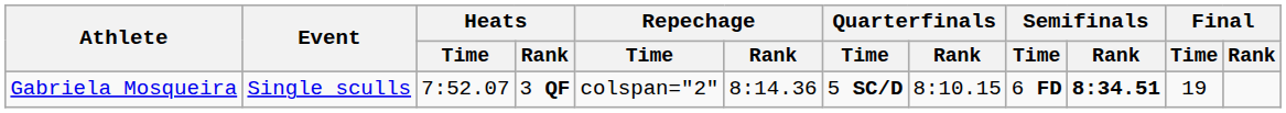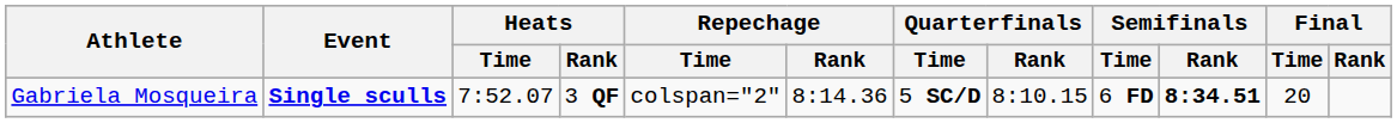 <table class="wikitable" style="font-size:90%">
 <tr>
 <th rowspan="2">Athlete</th>
 <th rowspan="2">Event</th>
 <th colspan="2">Heats</th>
 <th colspan="2">Repechage</th>
 <th colspan=2>Quarterfinals</th>
 <th colspan="2">Semifinals</th>
 <th colspan="2">Final</th>
 </tr>
 <tr style="font-size:95%">
 <th>Time</th>
 <th>Rank</th>
 <th>Time</th>
 <th>Rank</th>
 <th>Time</th>
 <th>Rank</th>
 <th>Time</th>
 <th>Rank</th>
 <th>Time</th>
 <th>Rank</th>
 </tr>
 <tr align=center>
 <td align=left><a href='#'>Gabriela Mosqueira</a></td>
-<td align=left><a href='#'>Single sculls</a></td>
+<td align=left><strong><a href='#'>Single sculls</a></strong></td>
 <td>7:52.07</td>
 <td>3 <strong>QF</strong></td>
 <td>colspan="2" </td>
 <td>8:14.36</td>
 <td>5 <strong>SC/D</strong></td>
 <td>8:10.15</td>
 <td>6 <strong>FD</strong></td>
 <td><strong>8:34.51</strong></td>
-<td>19</td>
+<td>20</td>
 </tr>
 </table>
